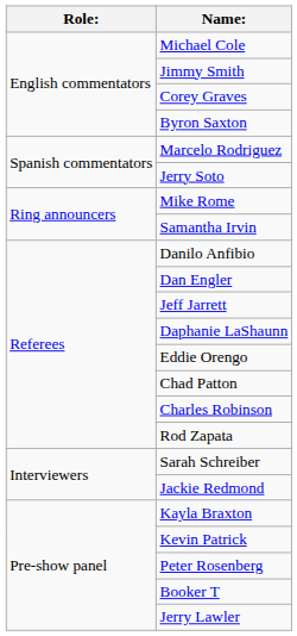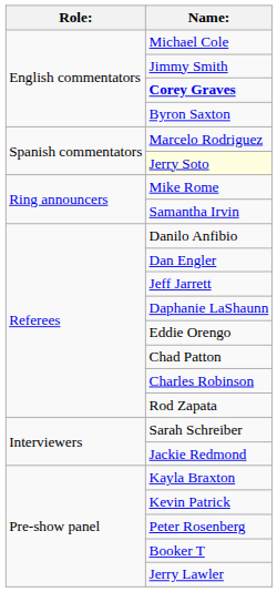 <table class=wikitable style="font-size:90%; margin: 0.5em 0 0.5em 1em; float: right; clear: right;">
 <tr>
 <th>Role:</th>
 <th>Name:</th>
 </tr>
 <tr>
 <td rowspan=4>English commentators</td>
 <td><a href='#'>Michael Cole</a> </td>
 </tr>
 <tr>
 <td><a href='#'>Jimmy Smith</a> </td>
 </tr>
 <tr>
-<td><a href='#'>Corey Graves</a> </td>
+<td><strong><a href='#'>Corey Graves</a> </strong></td>
 </tr>
 <tr>
 <td><a href='#'>Byron Saxton</a> </td>
 </tr>
 <tr>
 <td rowspan=2>Spanish commentators</td>
 <td><a href='#'>Marcelo Rodriguez</a></td>
 </tr>
 <tr>
-<td><a href='#'>Jerry Soto</a></td>
+<td style="background: lightyellow;"><a href='#'>Jerry Soto</a></td>
 </tr>
 <tr>
 <td rowspan=2><a href='#'>Ring announcers</a></td>
 <td><a href='#'>Mike Rome</a> </td>
 </tr>
 <tr>
 <td><a href='#'>Samantha Irvin</a> </td>
 </tr>
 <tr>
 <td rowspan=8><a href='#'>Referees</a></td>
 <td>Danilo Anfibio</td>
 </tr>
 <tr>
 <td><a href='#'>Dan Engler</a></td>
 </tr>
 <tr>
 <td><a href='#'>Jeff Jarrett</a></td>
 </tr>
 <tr>
 <td><a href='#'>Daphanie LaShaunn</a></td>
 </tr>
 <tr>
 <td>Eddie Orengo</td>
 </tr>
 <tr>
 <td>Chad Patton</td>
 </tr>
 <tr>
 <td><a href='#'>Charles Robinson</a></td>
 </tr>
 <tr>
 <td>Rod Zapata</td>
 </tr>
 <tr>
 <td rowspan=2>Interviewers</td>
 <td>Sarah Schreiber</td>
 </tr>
 <tr>
 <td><a href='#'>Jackie Redmond</a></td>
 </tr>
 <tr>
 <td rowspan="5">Pre-show panel</td>
 <td><a href='#'>Kayla Braxton</a></td>
 </tr>
 <tr>
 <td><a href='#'>Kevin Patrick</a></td>
 </tr>
 <tr>
 <td><a href='#'>Peter Rosenberg</a></td>
 </tr>
 <tr>
 <td><a href='#'>Booker T</a></td>
 </tr>
 <tr>
 <td><a href='#'>Jerry Lawler</a></td>
 </tr>
 </table>
